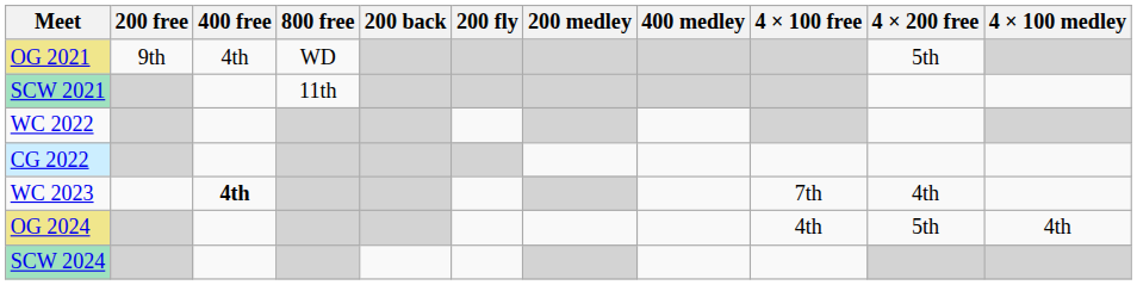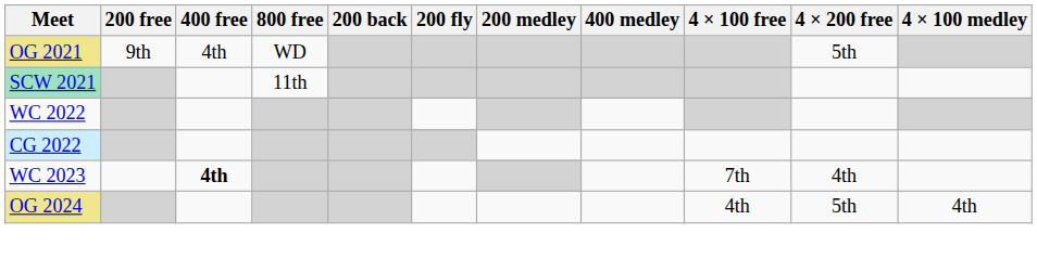 <table class="sortable wikitable">
 <tr>
 <th>Meet</th>
 <th class="unsortable">200 free</th>
 <th class="unsortable">400 free</th>
 <th class="unsortable">800 free</th>
 <th class="unsortable">200 back</th>
 <th class="unsortable">200 fly</th>
 <th class="unsortable">200 medley</th>
 <th class="unsortable">400 medley</th>
 <th class="unsortable">4 × 100 free</th>
 <th class="unsortable">4 × 200 free</th>
 <th class="unsortable">4 × 100 medley</th>
 </tr>
 <tr>
 <td style="background:#f0e68c"><a href='#'>OG 2021</a></td>
 <td align="center">9th</td>
 <td align="center">4th</td>
 <td align="center">WD</td>
 <td style="background:#d3d3d3"></td>
 <td style="background:#d3d3d3"></td>
 <td style="background:#d3d3d3"></td>
 <td style="background:#d3d3d3"></td>
 <td style="background:#d3d3d3"></td>
 <td align="center">5th</td>
 <td style="background:#d3d3d3"></td>
 </tr>
 <tr>
 <td style="background:#9fe2bf"><a href='#'>SCW 2021</a></td>
 <td style="background:#d3d3d3"></td>
 <td align="center"></td>
 <td align="center">11th</td>
 <td style="background:#d3d3d3"></td>
 <td style="background:#d3d3d3"></td>
 <td style="background:#d3d3d3"></td>
 <td style="background:#d3d3d3"></td>
 <td style="background:#d3d3d3"></td>
 <td align="center"></td>
 <td align="center"></td>
 </tr>
 <tr>
 <td><a href='#'>WC 2022</a></td>
 <td style="background:#d3d3d3"></td>
 <td align="center"></td>
 <td style="background:#d3d3d3"></td>
 <td style="background:#d3d3d3"></td>
 <td align="center"></td>
 <td style="background:#d3d3d3"></td>
 <td align="center"></td>
 <td style="background:#d3d3d3"></td>
 <td align="center"></td>
 <td style="background:#d3d3d3"></td>
 </tr>
 <tr>
 <td style="background:#cceeff"><a href='#'>CG 2022</a></td>
 <td style="background:#d3d3d3"></td>
 <td align="center"></td>
 <td style="background:#d3d3d3"></td>
 <td style="background:#d3d3d3"></td>
 <td style="background:#d3d3d3"></td>
 <td align="center"></td>
 <td align="center"></td>
 <td align="center"></td>
 <td align="center"></td>
 <td align="center"></td>
 </tr>
 <tr>
 <td><a href='#'>WC 2023</a></td>
 <td align="center"></td>
 <td align="center"><strong>4th</strong></td>
 <td style="background:#d3d3d3"></td>
 <td style="background:#d3d3d3"></td>
 <td align="center"></td>
 <td style="background:#d3d3d3"></td>
 <td align="center"></td>
 <td align="center">7th</td>
 <td align="center">4th</td>
 <td align="center"></td>
 </tr>
 <tr>
 <td style="background:#f0e68c"><a href='#'>OG 2024</a></td>
 <td style="background:#d3d3d3"></td>
 <td align="center"></td>
 <td style="background:#d3d3d3"></td>
 <td style="background:#d3d3d3"></td>
 <td align="center"></td>
 <td align="center"></td>
 <td align="center"></td>
 <td align="center">4th</td>
 <td align="center">5th</td>
 <td align="center">4th</td>
 </tr>
-<tr>
-<td style="background:#9fe2bf"><a href='#'>SCW 2024</a></td>
-<td style="background:#d3d3d3"></td>
-<td align="center"></td>
-<td style="background:#d3d3d3"></td>
-<td align="center"></td>
-<td align="center"></td>
-<td style="background:#d3d3d3"></td>
-<td align="center"></td>
-<td align="center"></td>
-<td style="background:#d3d3d3"></td>
-<td style="background:#d3d3d3"></td>
-</tr>
 </table>
